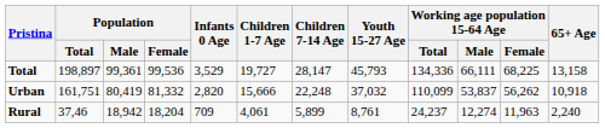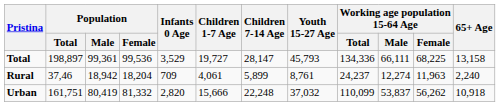 <table class="wikitable">
 <tr>
 <th scope="col" rowspan="2"><a href='#'>Pristina</a></th>
 <th scope="col" colspan="3">Population</th>
 <th scope="col" rowspan="2">Infants<br>0 Age</th>
 <th scope="col" rowspan="2">Children<br>1-7 Age</th>
 <th scope="col" rowspan="2">Children<br>7-14 Age</th>
 <th scope="col" rowspan="2">Youth<br>15-27 Age</th>
 <th scope="col" colspan="3">Working age population<br>15-64 Age</th>
 <th scope="col" rowspan="2">65+ Age</th>
 </tr>
 <tr style="text-align:center; background:#f0f0f0;">
 <th scope="col">Total</th>
 <th scope="col">Male</th>
 <th scope="col">Female</th>
 <th scope="col">Total</th>
 <th scope="col">Male</th>
 <th scope="col">Female</th>
 </tr>
 <tr>
 <td><strong>Total</strong></td>
 <td>198,897</td>
 <td>99,361</td>
 <td>99,536</td>
 <td>3,529</td>
 <td>19,727</td>
 <td>28,147</td>
 <td>45,793</td>
 <td>134,336</td>
 <td>66,111</td>
 <td>68,225</td>
 <td>13,158</td>
 </tr>
 <tr>
+<td><strong>Rural</strong></td>
+<td>37,46</td>
+<td>18,942</td>
+<td>18,204</td>
+<td>709</td>
+<td>4,061</td>
+<td>5,899</td>
+<td>8,761</td>
+<td>24,237</td>
+<td>12,274</td>
+<td>11,963</td>
+<td>2,240</td>
+</tr>
+<tr>
 <td><strong>Urban</strong></td>
 <td>161,751</td>
 <td>80,419</td>
 <td>81,332</td>
 <td>2,820</td>
 <td>15,666</td>
 <td>22,248</td>
 <td>37,032</td>
 <td>110,099</td>
 <td>53,837</td>
 <td>56,262</td>
 <td>10,918</td>
 </tr>
-<tr>
-<td><strong>Rural</strong></td>
-<td>37,46</td>
-<td>18,942</td>
-<td>18,204</td>
-<td>709</td>
-<td>4,061</td>
-<td>5,899</td>
-<td>8,761</td>
-<td>24,237</td>
-<td>12,274</td>
-<td>11,963</td>
-<td>2,240</td>
-</tr>
 </table>
